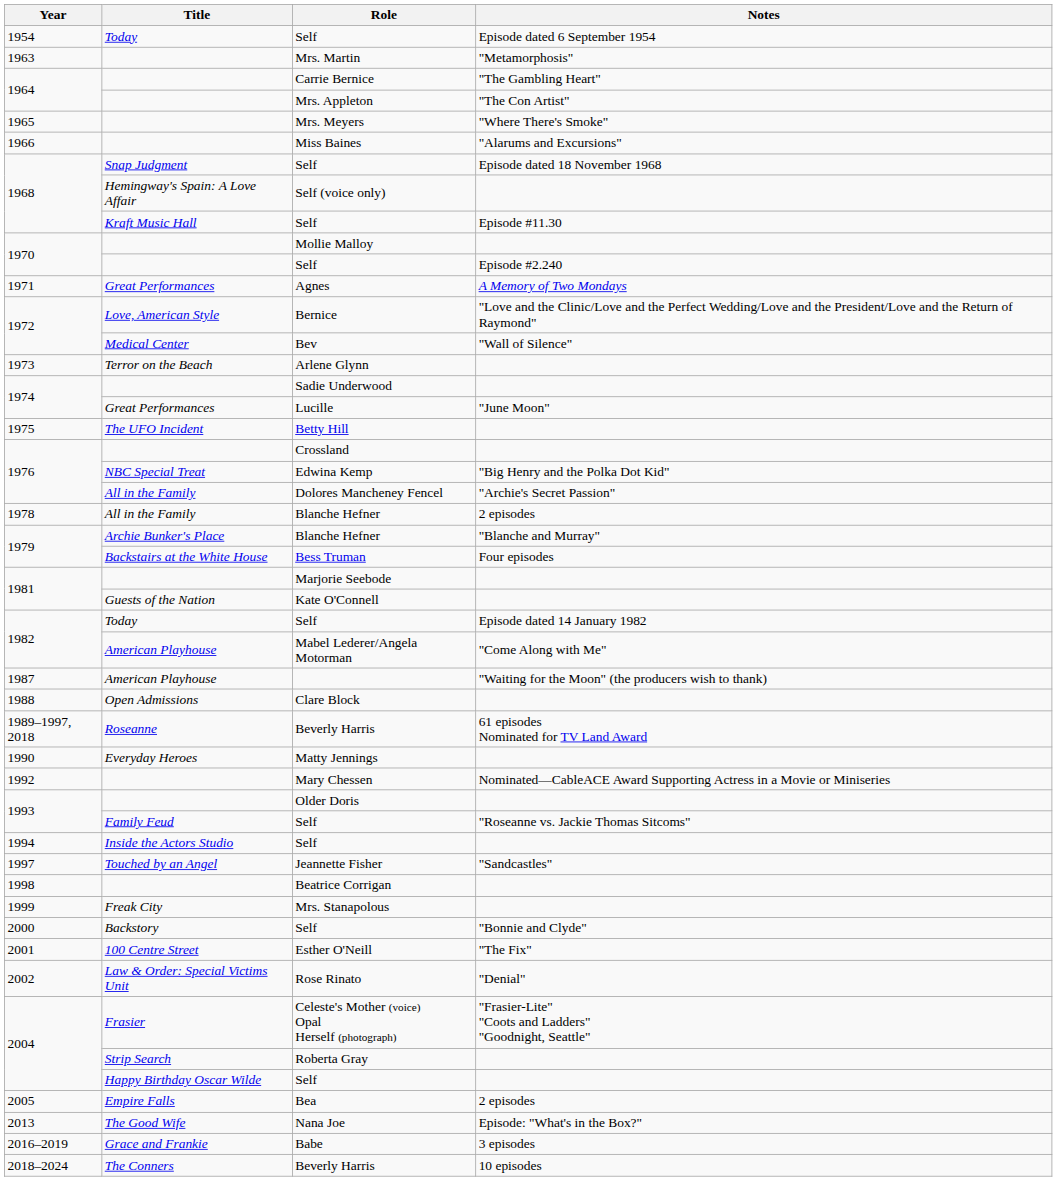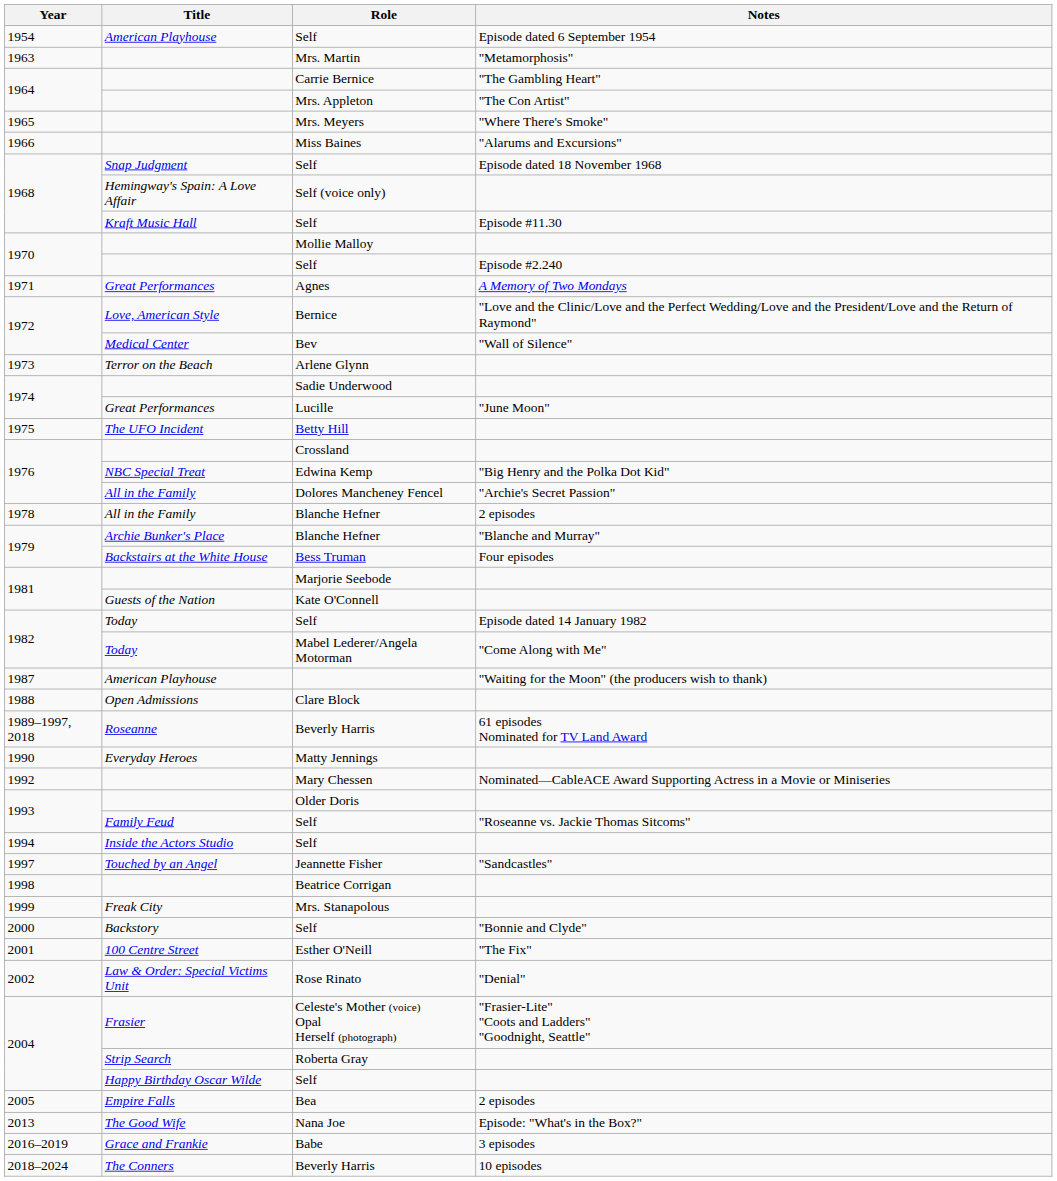 <table class="wikitable sortable">
 <tr>
 <th>Year</th>
 <th>Title</th>
 <th class="unsortable">Role</th>
 <th class="unsortable">Notes</th>
 </tr>
 <tr>
 <td>1954</td>
-<td><em><a href='#'>Today</a></em></td>
+<td><em><a href='#'>American Playhouse</a></em></td>
 <td>Self</td>
 <td>Episode dated 6 September 1954</td>
 </tr>
 <tr>
 <td>1963</td>
 <td></td>
 <td>Mrs. Martin</td>
 <td>"Metamorphosis"</td>
 </tr>
 <tr>
 <td rowspan="2">1964</td>
 <td></td>
 <td>Carrie Bernice</td>
 <td>"The Gambling Heart"</td>
 </tr>
 <tr>
 <td></td>
 <td>Mrs. Appleton</td>
 <td>"The Con Artist"</td>
 </tr>
 <tr>
 <td>1965</td>
 <td></td>
 <td>Mrs. Meyers</td>
 <td>"Where There's Smoke"</td>
 </tr>
 <tr>
 <td>1966</td>
 <td></td>
 <td>Miss Baines</td>
 <td>"Alarums and Excursions"</td>
 </tr>
 <tr>
 <td rowspan="3">1968</td>
 <td><em><a href='#'>Snap Judgment</a></em></td>
 <td>Self</td>
 <td>Episode dated 18 November 1968</td>
 </tr>
 <tr>
 <td><em>Hemingway's Spain: A Love Affair</em></td>
 <td>Self (voice only)</td>
 <td></td>
 </tr>
 <tr>
 <td><em><a href='#'>Kraft Music Hall</a></em></td>
 <td>Self</td>
 <td>Episode #11.30</td>
 </tr>
 <tr>
 <td rowspan="2">1970</td>
 <td></td>
 <td>Mollie Malloy</td>
 <td></td>
 </tr>
 <tr>
 <td></td>
 <td>Self</td>
 <td>Episode #2.240</td>
 </tr>
 <tr>
 <td>1971</td>
 <td><em><a href='#'>Great Performances</a></em></td>
 <td>Agnes</td>
 <td><a href='#'><em>A Memory of Two Mondays</em></a></td>
 </tr>
 <tr>
 <td rowspan="2">1972</td>
 <td><em><a href='#'>Love, American Style</a></em></td>
 <td>Bernice</td>
 <td>"Love and the Clinic/Love and the Perfect Wedding/Love and the President/Love and the Return of Raymond"</td>
 </tr>
 <tr>
 <td><em><a href='#'>Medical Center</a></em></td>
 <td>Bev</td>
 <td>"Wall of Silence"</td>
 </tr>
 <tr>
 <td>1973</td>
 <td><em>Terror on the Beach</em></td>
 <td>Arlene Glynn</td>
 <td></td>
 </tr>
 <tr>
 <td rowspan="2">1974</td>
 <td></td>
 <td>Sadie Underwood</td>
 <td></td>
 </tr>
 <tr>
 <td><em>Great Performances</em></td>
 <td>Lucille</td>
 <td>"June Moon"</td>
 </tr>
 <tr>
 <td>1975</td>
 <td><em><a href='#'>The UFO Incident</a></em></td>
 <td><a href='#'>Betty Hill</a></td>
 <td></td>
 </tr>
 <tr>
 <td rowspan="3">1976</td>
 <td></td>
 <td>Crossland</td>
 <td></td>
 </tr>
 <tr>
 <td><em><a href='#'>NBC Special Treat</a></em></td>
 <td>Edwina Kemp</td>
 <td>"Big Henry and the Polka Dot Kid"</td>
 </tr>
 <tr>
 <td><em><a href='#'>All in the Family</a></em></td>
 <td>Dolores Mancheney Fencel</td>
 <td>"Archie's Secret Passion"</td>
 </tr>
 <tr>
 <td>1978</td>
 <td><em>All in the Family</em></td>
 <td>Blanche Hefner</td>
 <td>2 episodes</td>
 </tr>
 <tr>
 <td rowspan="2">1979</td>
 <td><em><a href='#'>Archie Bunker's Place</a></em></td>
 <td>Blanche Hefner</td>
 <td>"Blanche and Murray"</td>
 </tr>
 <tr>
 <td><em><a href='#'>Backstairs at the White House</a></em></td>
 <td><a href='#'>Bess Truman</a></td>
 <td>Four episodes</td>
 </tr>
 <tr>
 <td rowspan="2">1981</td>
 <td></td>
 <td>Marjorie Seebode</td>
 <td></td>
 </tr>
 <tr>
 <td><em>Guests of the Nation</em></td>
 <td>Kate O'Connell</td>
 <td></td>
 </tr>
 <tr>
 <td rowspan="2">1982</td>
 <td><em>Today</em></td>
 <td>Self</td>
 <td>Episode dated 14 January 1982</td>
 </tr>
 <tr>
-<td><em><a href='#'>American Playhouse</a></em></td>
+<td><em><a href='#'>Today</a></em></td>
 <td>Mabel Lederer/Angela Motorman</td>
 <td>"Come Along with Me"</td>
 </tr>
 <tr>
 <td>1987</td>
 <td><em>American Playhouse</em></td>
 <td></td>
 <td>"Waiting for the Moon" (the producers wish to thank)</td>
 </tr>
 <tr>
 <td>1988</td>
 <td><em>Open Admissions</em></td>
 <td>Clare Block</td>
 <td></td>
 </tr>
 <tr>
 <td>1989–1997, 2018</td>
 <td><em><a href='#'>Roseanne</a></em></td>
 <td>Beverly Harris</td>
 <td>61 episodes<br>Nominated for <a href='#'>TV Land Award</a></td>
 </tr>
 <tr>
 <td>1990</td>
 <td><em>Everyday Heroes</em></td>
 <td>Matty Jennings</td>
 <td></td>
 </tr>
 <tr>
 <td>1992</td>
 <td></td>
 <td>Mary Chessen</td>
 <td>Nominated—CableACE Award Supporting Actress in a Movie or Miniseries</td>
 </tr>
 <tr>
 <td rowspan="2">1993</td>
 <td></td>
 <td>Older Doris</td>
 <td></td>
 </tr>
 <tr>
 <td><em><a href='#'>Family Feud</a></em></td>
 <td>Self</td>
 <td>"Roseanne vs. Jackie Thomas Sitcoms"</td>
 </tr>
 <tr>
 <td>1994</td>
 <td><em><a href='#'>Inside the Actors Studio</a></em></td>
 <td>Self</td>
 <td></td>
 </tr>
 <tr>
 <td>1997</td>
 <td><em><a href='#'>Touched by an Angel</a></em></td>
 <td>Jeannette Fisher</td>
 <td>"Sandcastles"</td>
 </tr>
 <tr>
 <td>1998</td>
 <td></td>
 <td>Beatrice Corrigan</td>
 <td></td>
 </tr>
 <tr>
 <td>1999</td>
 <td><em>Freak City</em></td>
 <td>Mrs. Stanapolous</td>
 <td></td>
 </tr>
 <tr>
 <td>2000</td>
 <td><em>Backstory</em></td>
 <td>Self</td>
 <td>"Bonnie and Clyde"</td>
 </tr>
 <tr>
 <td>2001</td>
 <td><em><a href='#'>100 Centre Street</a></em></td>
 <td>Esther O'Neill</td>
 <td>"The Fix"</td>
 </tr>
 <tr>
 <td>2002</td>
 <td><em><a href='#'>Law & Order: Special Victims Unit</a></em></td>
 <td>Rose Rinato</td>
 <td>"Denial"</td>
 </tr>
 <tr>
 <td rowspan="3">2004</td>
 <td><em><a href='#'>Frasier</a></em></td>
 <td>Celeste's Mother <small>(voice)</small><br>Opal <br>Herself <small>(photograph)</small></td>
 <td>"Frasier-Lite"<br>"Coots and Ladders"<br>"Goodnight, Seattle"</td>
 </tr>
 <tr>
 <td><em><a href='#'>Strip Search</a></em></td>
 <td>Roberta Gray</td>
 <td></td>
 </tr>
 <tr>
 <td><em><a href='#'>Happy Birthday Oscar Wilde</a></em></td>
 <td>Self</td>
 <td></td>
 </tr>
 <tr>
 <td>2005</td>
 <td><em><a href='#'>Empire Falls</a></em></td>
 <td>Bea</td>
 <td>2 episodes</td>
 </tr>
 <tr>
 <td>2013</td>
 <td><em><a href='#'>The Good Wife</a></em></td>
 <td>Nana Joe</td>
 <td>Episode: "What's in the Box?"</td>
 </tr>
 <tr>
 <td>2016–2019</td>
 <td><em><a href='#'>Grace and Frankie</a></em></td>
 <td>Babe</td>
 <td>3 episodes</td>
 </tr>
 <tr>
 <td>2018–2024</td>
 <td><em><a href='#'>The Conners</a></em></td>
 <td>Beverly Harris</td>
 <td>10 episodes</td>
 </tr>
 </table>
